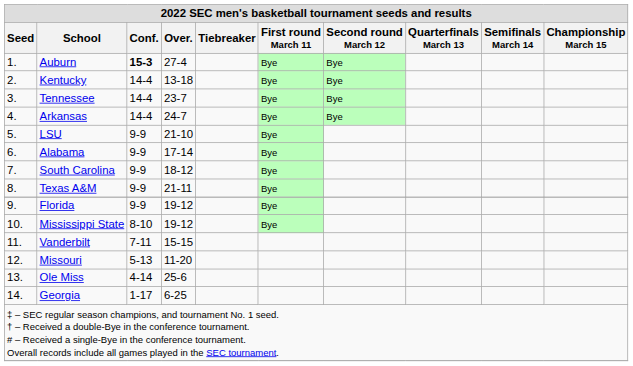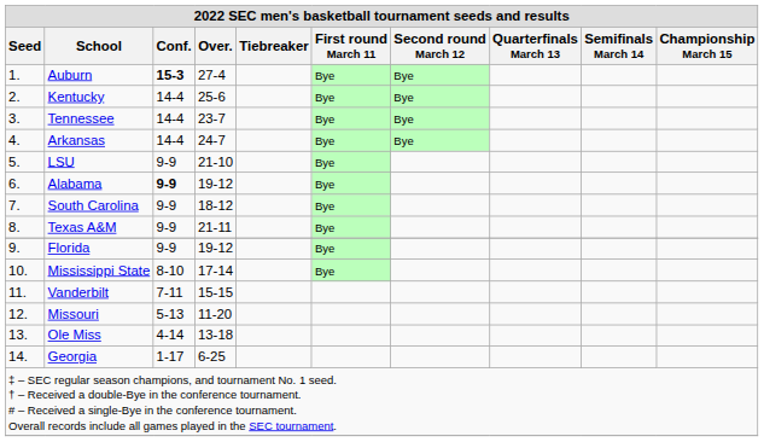 <table class="wikitable" style="white-space:nowrap; font-size:90%;">
 <tr>
 <td colspan="10" style="text-align:center; background:#DDDDDD; font:#000000"><strong>2022 SEC men's basketball tournament seeds and results</strong></td>
 </tr>
 <tr bgcolor="#efefef">
 <th>Seed</th>
 <th>School</th>
 <th>Conf.</th>
 <th>Over.</th>
 <th>Tiebreaker</th>
 <th>First round<br><small>March 11</small></th>
 <th>Second round<br><small>March 12</small></th>
 <th>Quarterfinals<br><small>March 13</small></th>
 <th>Semifinals<br><small>March 14</small></th>
 <th>Championship<br><small>March 15</small></th>
 </tr>
 <tr>
 <td>1.</td>
 <td><a href='#'>Auburn</a></td>
 <td><strong>15-3</strong></td>
 <td>27-4</td>
 <td></td>
 <td style="background:#bfb;"><small>Bye</small></td>
 <td style="background:#bfb;"><small>Bye</small></td>
 <td></td>
 <td></td>
 <td></td>
 </tr>
 <tr>
 <td>2.</td>
 <td><a href='#'>Kentucky</a></td>
 <td>14-4</td>
-<td>13-18</td>
+<td>25-6</td>
 <td></td>
 <td style="background:#bfb;"><small>Bye</small></td>
 <td style="background:#bfb;"><small>Bye</small></td>
 <td></td>
 <td></td>
 <td></td>
 </tr>
 <tr>
 <td>3.</td>
 <td><a href='#'>Tennessee</a></td>
 <td>14-4</td>
 <td>23-7</td>
 <td></td>
 <td style="background:#bfb;"><small>Bye</small></td>
 <td style="background:#bfb;"><small>Bye</small></td>
 <td></td>
 <td></td>
 <td></td>
 </tr>
 <tr>
 <td>4.</td>
 <td><a href='#'>Arkansas</a></td>
 <td>14-4</td>
 <td>24-7</td>
 <td></td>
 <td style="background:#bfb;"><small>Bye</small></td>
 <td style="background:#bfb;"><small>Bye</small></td>
 <td></td>
 <td></td>
 <td></td>
 </tr>
 <tr>
 <td>5.</td>
 <td><a href='#'>LSU</a></td>
 <td>9-9</td>
 <td>21-10</td>
 <td></td>
 <td style="background:#bfb;"><small>Bye</small></td>
 <td></td>
 <td></td>
 <td></td>
 <td></td>
 </tr>
 <tr>
 <td>6.</td>
 <td><a href='#'>Alabama</a></td>
-<td>9-9</td>
-<td>17-14</td>
+<td><strong>9-9</strong></td>
+<td>19-12</td>
 <td></td>
 <td style="background:#bfb;"><small>Bye</small></td>
 <td></td>
 <td></td>
 <td></td>
 <td></td>
 </tr>
 <tr>
 <td>7.</td>
 <td><a href='#'>South Carolina</a></td>
 <td>9-9</td>
 <td>18-12</td>
 <td></td>
 <td style="background:#bfb;"><small>Bye</small></td>
 <td></td>
 <td></td>
 <td></td>
 <td></td>
 </tr>
 <tr>
 <td>8.</td>
 <td><a href='#'>Texas A&M</a></td>
 <td>9-9</td>
 <td>21-11</td>
 <td></td>
 <td style="background:#bfb;"><small>Bye</small></td>
 <td></td>
 <td></td>
 <td></td>
 <td></td>
 </tr>
 <tr>
 </tr>
 <tr>
 <td>9.</td>
 <td><a href='#'>Florida</a></td>
 <td>9-9</td>
 <td>19-12</td>
 <td></td>
 <td style="background:#bfb;"><small>Bye</small></td>
 <td></td>
 <td></td>
 <td></td>
 <td></td>
 </tr>
 <tr>
 <td>10.</td>
 <td><a href='#'>Mississippi State</a></td>
 <td>8-10</td>
-<td>19-12</td>
+<td>17-14</td>
 <td></td>
 <td style="background:#bfb;"><small>Bye</small></td>
 <td></td>
 <td></td>
 <td></td>
 <td></td>
 </tr>
 <tr>
 <td>11.</td>
 <td><a href='#'>Vanderbilt</a></td>
 <td>7-11</td>
 <td>15-15</td>
 <td></td>
 <td style="background:#;"></td>
 <td></td>
 <td></td>
 <td></td>
 <td></td>
 </tr>
 <tr>
 <td>12.</td>
 <td><a href='#'>Missouri</a></td>
 <td>5-13</td>
 <td>11-20</td>
 <td></td>
 <td style="background:#;"></td>
 <td></td>
 <td></td>
 <td></td>
 <td></td>
 </tr>
 <tr>
 <td>13.</td>
 <td><a href='#'>Ole Miss</a></td>
 <td>4-14</td>
-<td>25-6</td>
+<td>13-18</td>
 <td></td>
 <td style="background:#;"></td>
 <td></td>
 <td></td>
 <td></td>
 <td></td>
 </tr>
 <tr>
 <td>14.</td>
 <td><a href='#'>Georgia</a></td>
 <td>1-17</td>
 <td>6-25</td>
 <td></td>
 <td style="background:#;"></td>
 <td></td>
 <td></td>
 <td></td>
 <td></td>
 </tr>
 <tr>
 <td colspan="10" style="text-align:left;"><small>‡ – SEC regular season champions, and tournament No. 1 seed.<br>† – Received a double-Bye in the conference tournament.<br># – Received a single-Bye in the conference tournament.<br>Overall records include all games played in the <a href='#'>SEC tournament</a>.</small></td>
 </tr>
 <tr>
 </tr>
 </table>
